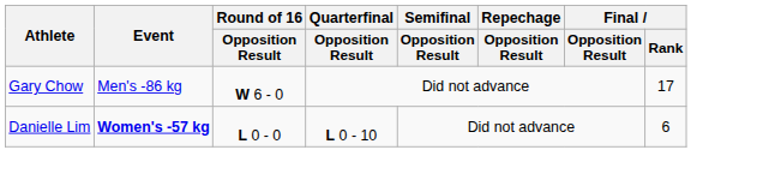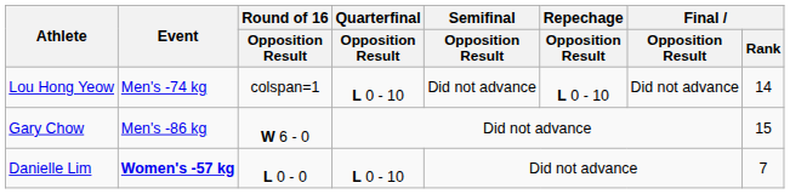 <table class="wikitable" style="font-size:90%;">
 <tr>
 <th rowspan=2>Athlete</th>
 <th rowspan=2>Event</th>
 <th>Round of 16</th>
 <th>Quarterfinal</th>
 <th>Semifinal</th>
 <th>Repechage</th>
 <th colspan=2>Final / </th>
 </tr>
 <tr style="font-size: 95%">
 <th>Opposition<br>Result</th>
 <th>Opposition<br>Result</th>
 <th>Opposition<br>Result</th>
 <th>Opposition<br>Result</th>
 <th>Opposition<br>Result</th>
 <th>Rank</th>
 </tr>
 <tr align=center>
+<td align=left><a href='#'>Lou Hong Yeow</a></td>
+<td align=left><a href='#'>Men's -74 kg</a></td>
+<td>colspan=1 </td>
+<td> <br> <strong>L</strong> 0 - 10</td>
+<td>Did not advance</td>
+<td><br><strong>L</strong> 0 - 10</td>
+<td>Did not advance</td>
+<td>14</td>
+</tr>
+<tr align=center>
 <td align=left><a href='#'>Gary Chow</a></td>
 <td align=left><a href='#'>Men's -86 kg</a></td>
 <td><br> <strong>W</strong> 6 - 0</td>
 <td colspan=4>Did not advance</td>
-<td>17</td>
+<td>15</td>
 </tr>
 <tr align=center>
 <td align=left><a href='#'>Danielle Lim</a></td>
 <td align=left><strong><a href='#'>Women's -57 kg</a></strong></td>
 <td><br><strong>L</strong> 0 - 0</td>
 <td><br><strong>L</strong> 0 - 10</td>
 <td colspan=3>Did not advance</td>
-<td>6</td>
+<td>7</td>
 </tr>
 </table>
